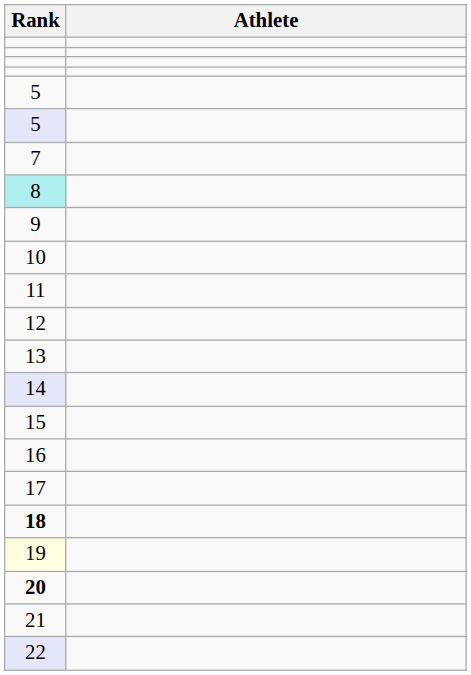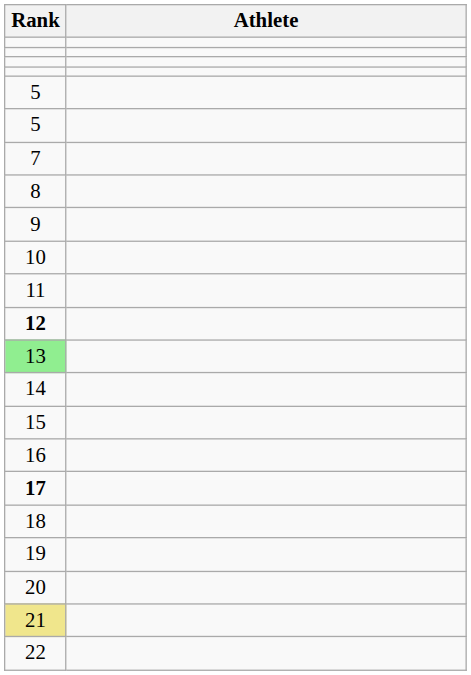 <table class="wikitable" style="text-align: center;">
 <tr>
 <th width=40>Rank</th>
 <th width=300>Athlete</th>
 </tr>
 <tr>
 <td></td>
 <td align="left"></td>
 </tr>
 <tr>
 <td></td>
 <td align="left"></td>
 </tr>
 <tr>
 <td></td>
 <td align="left"></td>
 </tr>
 <tr>
 <td></td>
 <td align="left"></td>
 </tr>
 <tr>
 <td>5</td>
 <td align="left"></td>
 </tr>
 <tr>
-<td style="background: lavender;">5</td>
+<td>5</td>
 <td align="left"></td>
 </tr>
 <tr>
 <td>7</td>
 <td align="left"></td>
 </tr>
 <tr>
-<td style="background: paleturquoise;">8</td>
+<td>8</td>
 <td align="left"></td>
 </tr>
 <tr>
 <td>9</td>
 <td align="left"></td>
 </tr>
 <tr>
 <td>10</td>
 <td align="left"></td>
 </tr>
 <tr>
 <td>11</td>
 <td align="left"></td>
 </tr>
 <tr>
-<td>12</td>
+<td><strong>12</strong></td>
 <td align="left"></td>
 </tr>
 <tr>
-<td>13</td>
+<td style="background: lightgreen;">13</td>
 <td align="left"></td>
 </tr>
 <tr>
-<td style="background: lavender;">14</td>
+<td>14</td>
 <td align="left"></td>
 </tr>
 <tr>
 <td>15</td>
 <td align="left"></td>
 </tr>
 <tr>
 <td>16</td>
 <td align="left"></td>
 </tr>
 <tr>
-<td>17</td>
+<td><strong>17</strong></td>
 <td align="left"></td>
 </tr>
 <tr>
-<td><strong>18</strong></td>
+<td>18</td>
 <td align="left"></td>
 </tr>
 <tr>
-<td style="background: lightyellow;">19</td>
+<td>19</td>
 <td align="left"></td>
 </tr>
 <tr>
-<td><strong>20</strong></td>
+<td>20</td>
 <td align="left"></td>
 </tr>
 <tr>
-<td>21</td>
+<td style="background: khaki;">21</td>
 <td align="left"></td>
 </tr>
 <tr>
-<td style="background: lavender;">22</td>
+<td>22</td>
 <td align="left"></td>
 </tr>
 </table>
